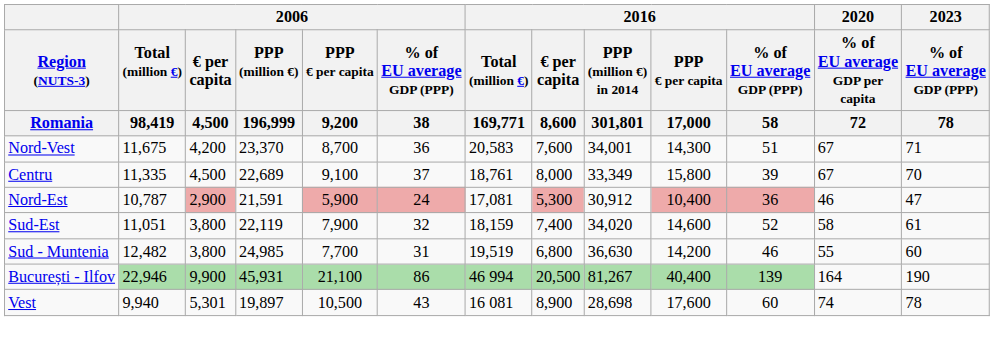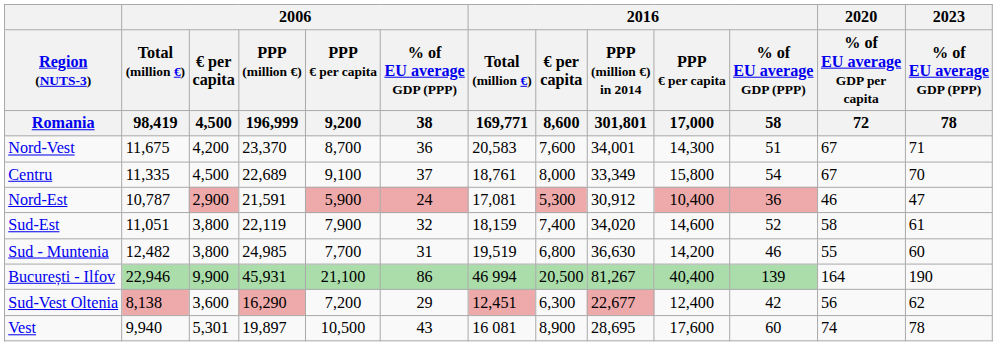 <table class="wikitable sortable small">
 <tr>
 <th></th>
 <th colspan=5 style="text-align:center">2006</th>
 <th colspan=5 style="text-align:center">2016</th>
 <th>2020</th>
 <th>2023</th>
 </tr>
 <tr>
 <th><a href='#'>Region</a><br><small>(<a href='#'>NUTS-3</a>)</small><br></th>
 <th>Total<br><small>(million <a href='#'>€</a>)</small><br><br></th>
 <th>€ per<br>capita<br></th>
 <th>PPP<br><small>(million €)</small><br><br></th>
 <th>PPP<br><small>€ per capita</small><br><br></th>
 <th>% of<br><a href='#'>EU average</a><br><small>GDP (PPP)</small><br></th>
 <th>Total<br><small>(million <a href='#'>€</a>)</small></th>
 <th>€ per<br>capita</th>
 <th>PPP<br><small>(million €) <br>in 2014</small></th>
 <th>PPP<br><small>€ per capita</small></th>
 <th>% of<br><a href='#'>EU average</a><br><small>GDP (PPP)</small></th>
 <th>% of<br><a href='#'>EU average</a><br><small>GDP per<br> capita</small></th>
 <th>% of<br><a href='#'>EU average</a><br><small>GDP (PPP)</small></th>
 </tr>
 <tr>
 <th><a href='#'>Romania</a></th>
 <th>98,419</th>
 <th>4,500</th>
 <th>196,999</th>
 <th>9,200</th>
 <th>38</th>
 <th>169,771</th>
 <th>8,600</th>
 <th>301,801</th>
 <th>17,000</th>
 <th>58</th>
 <th>72</th>
 <th>78</th>
 </tr>
 <tr>
 <td><a href='#'>Nord-Vest</a></td>
 <td>11,675</td>
 <td>4,200</td>
 <td>23,370</td>
 <td align=center>8,700</td>
 <td align=center>36</td>
 <td>20,583</td>
 <td>7,600</td>
 <td>34,001</td>
 <td align=center>14,300</td>
 <td align=center>51</td>
 <td>67</td>
 <td>71</td>
 </tr>
 <tr>
 <td><a href='#'>Centru</a></td>
 <td>11,335</td>
 <td>4,500</td>
 <td>22,689</td>
 <td align=center>9,100</td>
 <td align=center>37</td>
 <td>18,761</td>
 <td>8,000</td>
 <td>33,349</td>
 <td align=center>15,800</td>
-<td align=center>39</td>
+<td align=center>54</td>
 <td>67</td>
 <td>70</td>
 </tr>
 <tr>
 <td><a href='#'>Nord-Est</a></td>
 <td>10,787</td>
 <td style="background:#eaa">2,900</td>
 <td>21,591</td>
 <td style="text-align:center; background:#eaa;">5,900</td>
 <td style="text-align:center; background:#eaa;">24</td>
 <td>17,081</td>
 <td style="background:#eaa">5,300</td>
 <td>30,912</td>
 <td style="text-align:center; background:#eaa;">10,400</td>
 <td style="text-align:center; background:#eaa;">36</td>
 <td>46</td>
 <td>47</td>
 </tr>
 <tr>
 <td><a href='#'>Sud-Est</a></td>
 <td>11,051</td>
 <td>3,800</td>
 <td>22,119</td>
 <td align=center>7,900</td>
 <td align=center>32</td>
 <td>18,159</td>
 <td>7,400</td>
 <td>34,020</td>
 <td align=center>14,600</td>
 <td align=center>52</td>
 <td>58</td>
 <td>61</td>
 </tr>
 <tr>
 <td><a href='#'>Sud - Muntenia</a></td>
 <td>12,482</td>
 <td>3,800</td>
 <td>24,985</td>
 <td align=center>7,700</td>
 <td align=center>31</td>
 <td>19,519</td>
 <td>6,800</td>
 <td>36,630</td>
 <td align=center>14,200</td>
 <td align=center>46</td>
 <td>55</td>
 <td>60</td>
 </tr>
 <tr>
 <td><a href='#'>București - Ilfov</a></td>
 <td style="background:#ada">22,946</td>
 <td style="background:#ada">9,900</td>
 <td style="background:#ada">45,931</td>
 <td style="text-align:center; background:#ada;">21,100</td>
 <td style="text-align:center; background:#ada;">86</td>
 <td style="background:#ada">46 994</td>
 <td style="background:#ada">20,500</td>
 <td style="background:#ada">81,267</td>
 <td style="text-align:center; background:#ada;">40,400</td>
 <td style="text-align:center; background:#ada;">139</td>
 <td>164</td>
 <td>190</td>
 </tr>
 <tr>
+<td><a href='#'>Sud-Vest Oltenia</a></td>
+<td style="background:#eaa">8,138</td>
+<td>3,600</td>
+<td style="background:#eaa">16,290</td>
+<td align=center>7,200</td>
+<td align=center>29</td>
+<td style="background:#eaa">12,451</td>
+<td>6,300</td>
+<td style="background:#eaa">22,677</td>
+<td align=center>12,400</td>
+<td align=center>42</td>
+<td>56</td>
+<td>62</td>
+</tr>
+<tr>
 <td><a href='#'>Vest</a></td>
 <td>9,940</td>
 <td>5,301</td>
 <td>19,897</td>
 <td align=center>10,500</td>
 <td align=center>43</td>
 <td>16 081</td>
 <td>8,900</td>
-<td>28,698</td>
+<td>28,695</td>
 <td align=center>17,600</td>
 <td align=center>60</td>
 <td>74</td>
 <td>78</td>
 </tr>
 </table>
